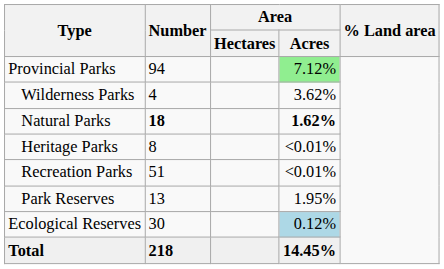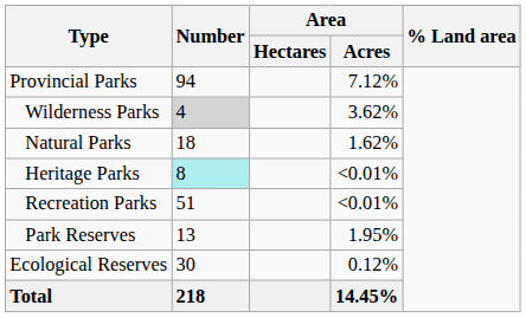 <table class="wikitable floatright sortable">
 <tr>
 <th rowspan=2 scope=col>Type</th>
 <th rowspan=2 scope=col>Number</th>
 <th colspan=2 scope=colgroup>Area</th>
 <th rowspan=2 scope=col>% Land area</th>
 </tr>
 <tr>
 <th scope="col">Hectares</th>
 <th scope="col">Acres</th>
 </tr>
 <tr>
 <td>Provincial Parks</td>
 <td>94</td>
 <td></td>
-<td style="background: lightgreen; text-align:right">7.12%</td>
+<td style="text-align:right">7.12%</td>
 </tr>
 <tr>
 <td style="padding-left:1em">Wilderness Parks</td>
-<td>4</td>
+<td style="background: lightgrey;">4</td>
 <td></td>
 <td style="text-align:right">3.62%</td>
 </tr>
 <tr>
 <td style="padding-left:1em">Natural Parks</td>
-<td><strong>18</strong></td>
+<td>18</td>
 <td></td>
-<td style="text-align:right"><strong>1.62%</strong></td>
+<td style="text-align:right">1.62%</td>
 </tr>
 <tr>
 <td style="padding-left:1em">Heritage Parks</td>
-<td>8</td>
+<td style="background: paleturquoise;">8</td>
 <td></td>
 <td style="text-align:right"><0.01%</td>
 </tr>
 <tr>
 <td style="padding-left:1em">Recreation Parks</td>
 <td>51</td>
 <td></td>
 <td style="text-align:right"><0.01%</td>
 </tr>
 <tr>
 <td style="padding-left:1em">Park Reserves</td>
 <td>13</td>
 <td></td>
 <td style="text-align:right">1.95%</td>
 </tr>
 <tr>
 <td>Ecological Reserves</td>
 <td>30</td>
 <td></td>
-<td style="background: lightblue; text-align:right">0.12%</td>
+<td style="text-align:right">0.12%</td>
 </tr>
 <tr style="font-weight:bold; background:#f0f0f0;">
 <td>Total</td>
 <td>218</td>
 <td></td>
 <td>14.45%</td>
 </tr>
 </table>
